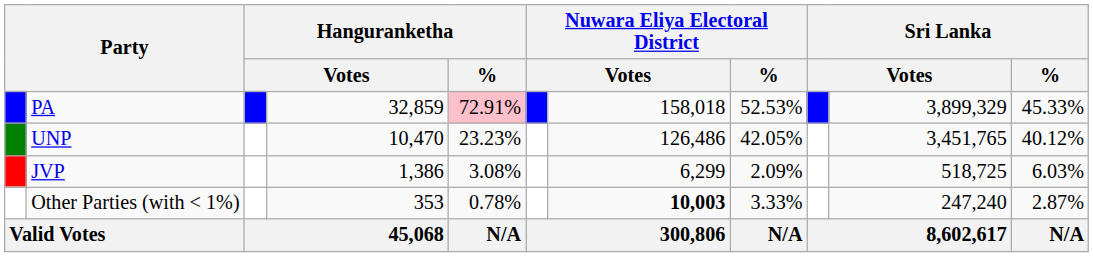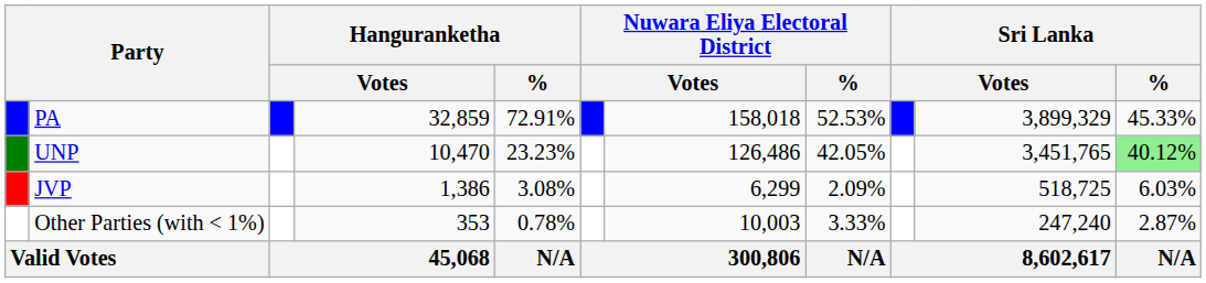 <table class="wikitable">
 <tr>
 <th colspan="2" width="144px"rowspan="2">Party</th>
 <th colspan="3" width="216px">Hanguranketha</th>
 <th colspan="3" width="216px"><a href='#'>Nuwara Eliya Electoral District</a></th>
 <th colspan="3" width="216px">Sri Lanka</th>
 </tr>
 <tr>
 <th colspan="2" width="144px">Votes</th>
 <th>%</th>
 <th colspan="2" width="144px">Votes</th>
 <th>%</th>
 <th colspan="2" width="144px">Votes</th>
 <th>%</th>
 </tr>
 <tr>
 <td style="background-color:blue;" width="10px"></td>
 <td style="text-align:left;"><a href='#'>PA</a></td>
 <td style="background-color:blue;" width="10px"></td>
 <td style="text-align:right;">32,859</td>
-<td style="background: pink; text-align:right;">72.91%</td>
+<td style="text-align:right;">72.91%</td>
 <td style="background-color:blue;" width="10px"></td>
 <td style="text-align:right;">158,018</td>
 <td style="text-align:right;">52.53%</td>
 <td style="background-color:blue;" width="10px"></td>
 <td style="text-align:right;">3,899,329</td>
 <td style="text-align:right;">45.33%</td>
 </tr>
 <tr>
 <td style="background-color:green;" width="10px"></td>
 <td style="text-align:left;"><a href='#'>UNP</a></td>
 <td style="background-color:white;" width="10px"></td>
 <td style="text-align:right;">10,470</td>
 <td style="text-align:right;">23.23%</td>
 <td style="background-color:white;" width="10px"></td>
 <td style="text-align:right;">126,486</td>
 <td style="text-align:right;">42.05%</td>
 <td style="background-color:white;" width="10px"></td>
 <td style="text-align:right;">3,451,765</td>
-<td style="text-align:right;">40.12%</td>
+<td style="background: lightgreen; text-align:right;">40.12%</td>
 </tr>
 <tr>
 <td style="background-color:red;" width="10px"></td>
 <td style="text-align:left;"><a href='#'>JVP</a></td>
 <td style="background-color:white;" width="10px"></td>
 <td style="text-align:right;">1,386</td>
 <td style="text-align:right;">3.08%</td>
 <td style="background-color:white;" width="10px"></td>
 <td style="text-align:right;">6,299</td>
 <td style="text-align:right;">2.09%</td>
 <td style="background-color:white;" width="10px"></td>
 <td style="text-align:right;">518,725</td>
 <td style="text-align:right;">6.03%</td>
 </tr>
 <tr>
 <td style="background-color:white;" width="10px"></td>
 <td style="text-align:left;">Other Parties (with < 1%)</td>
 <td style="background-color:white;" width="10px"></td>
 <td style="text-align:right;">353</td>
 <td style="text-align:right;">0.78%</td>
 <td style="background-color:white;" width="10px"></td>
-<td style="text-align:right;"><strong>10,003</strong></td>
+<td style="text-align:right;">10,003</td>
 <td style="text-align:right;">3.33%</td>
 <td style="background-color:white;" width="10px"></td>
 <td style="text-align:right;">247,240</td>
 <td style="text-align:right;">2.87%</td>
 </tr>
 <tr>
 <th colspan="2" width="144px"style="text-align:left;">Valid Votes</th>
 <th style="text-align:right;"colspan="2" width="144px">45,068</th>
 <th style="text-align:right;">N/A</th>
 <th style="text-align:right;"colspan="2" width="144px">300,806</th>
 <th style="text-align:right;">N/A</th>
 <th style="text-align:right;"colspan="2" width="144px">8,602,617</th>
 <th style="text-align:right;">N/A</th>
 </tr>
 </table>
